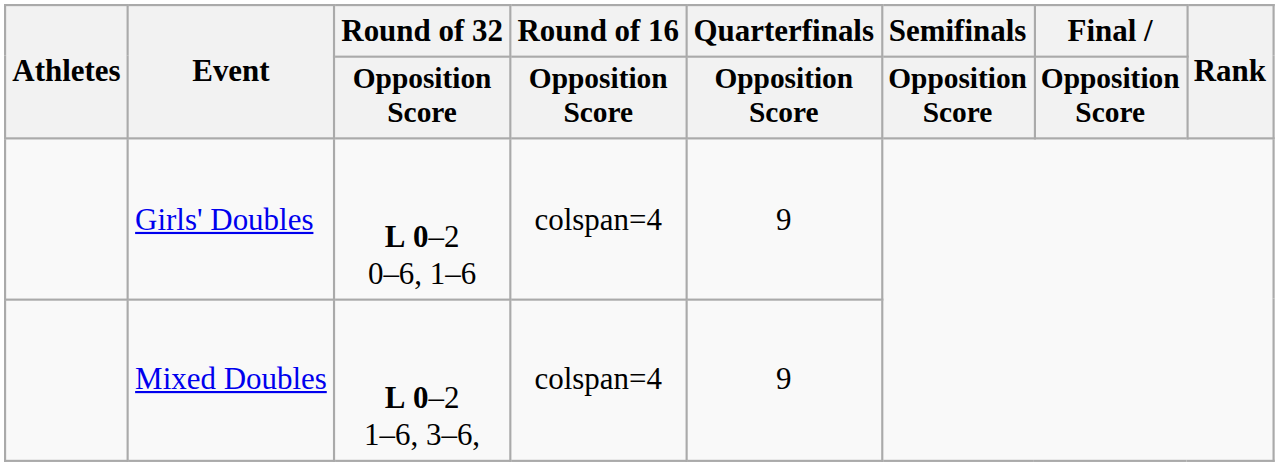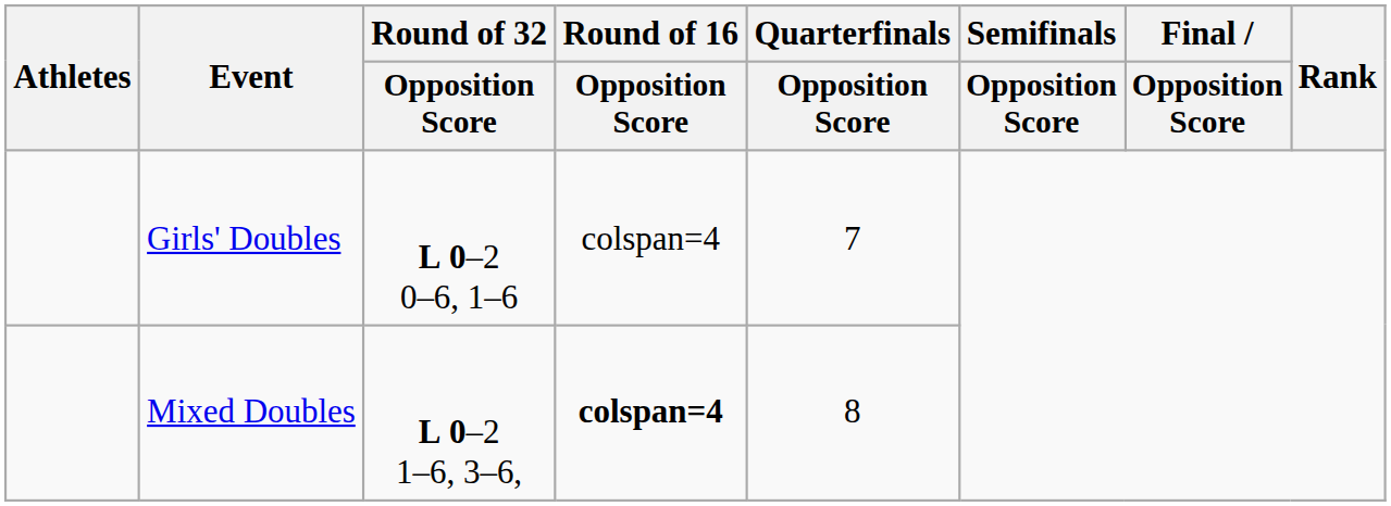 <table class=wikitable style="font-size:90%">
 <tr>
 <th rowspan="2">Athletes</th>
 <th rowspan="2">Event</th>
 <th>Round of 32</th>
 <th>Round of 16</th>
 <th>Quarterfinals</th>
 <th>Semifinals</th>
 <th>Final / </th>
 <th rowspan=2>Rank</th>
 </tr>
 <tr style="font-size:95%">
 <th>Opposition<br>Score</th>
 <th>Opposition<br>Score</th>
 <th>Opposition<br>Score</th>
 <th>Opposition<br>Score</th>
 <th>Opposition<br>Score</th>
 </tr>
 <tr align=center>
 <td align=left><br></td>
 <td align=left><a href='#'>Girls' Doubles</a></td>
 <td><br><br><strong>L</strong> <strong>0</strong>–2 <br> 0–6, 1–6</td>
 <td>colspan=4 </td>
-<td>9</td>
+<td>7</td>
 </tr>
 <tr align=center>
 <td align=left><br></td>
 <td align=left><a href='#'>Mixed Doubles</a></td>
 <td><br><br><strong>L</strong> <strong>0</strong>–2 <br> 1–6, 3–6,</td>
-<td>colspan=4 </td>
-<td>9</td>
+<td><strong>colspan=4 </strong></td>
+<td>8</td>
 </tr>
 </table>
